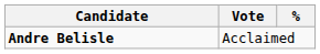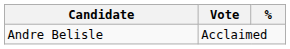 <table class="wikitable">
 <tr>
 <th bgcolor="#DDDDFF" width="200px">Candidate</th>
 <th bgcolor="#DDDDFF" width="50px">Vote</th>
 <th bgcolor="#DDDDFF" width="30px">%</th>
 </tr>
 <tr>
-<td><strong>Andre Belisle</strong></td>
+<td>Andre Belisle</td>
 <td colspan="2">Acclaimed</td>
 </tr>
 </table>
